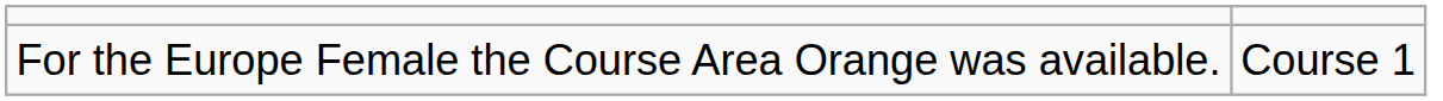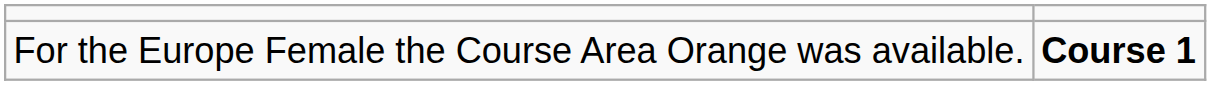 <table class="wikitable" style="text-align:center;">
 <tr>
 <td></td>
 <td></td>
 </tr>
 <tr>
 <td>For the Europe Female the Course Area Orange was available.</td>
-<td>Course 1</td>
+<td><strong>Course 1</strong></td>
 </tr>
 </table>
